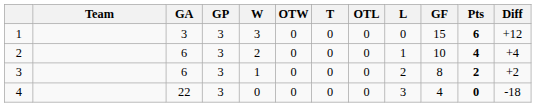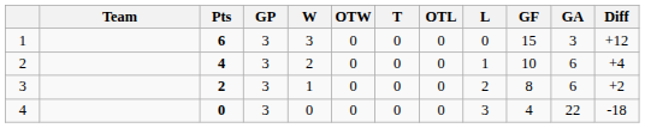 <table class="wikitable" style="text-align:center;">
 <tr>
 <th width=30></th>
 <th width=165>Team</th>
-<th width=40>GA</th>
+<th width=40>Pts</th>
 <th width=40>GP</th>
 <th width=40>W</th>
 <th width=40>OTW</th>
 <th width=40>T</th>
 <th width=40>OTL</th>
 <th width=40>L</th>
 <th width=40>GF</th>
-<th width=40>Pts</th>
+<th width=40>GA</th>
 <th width=40>Diff</th>
 </tr>
 <tr>
 <td>1</td>
 <td style="text-align:left;"></td>
-<td>3</td>
+<td><strong>6</strong></td>
 <td>3</td>
 <td>3</td>
 <td>0</td>
 <td>0</td>
 <td>0</td>
 <td>0</td>
 <td>15</td>
-<td><strong>6</strong></td>
+<td>3</td>
 <td>+12</td>
 </tr>
 <tr>
 <td>2</td>
 <td style="text-align:left;"></td>
-<td>6</td>
+<td><strong>4</strong></td>
 <td>3</td>
 <td>2</td>
 <td>0</td>
 <td>0</td>
 <td>0</td>
 <td>1</td>
 <td>10</td>
-<td><strong>4</strong></td>
+<td>6</td>
 <td>+4</td>
 </tr>
 <tr>
 <td>3</td>
 <td style="text-align:left;"></td>
-<td>6</td>
+<td><strong>2</strong></td>
 <td>3</td>
 <td>1</td>
 <td>0</td>
 <td>0</td>
 <td>0</td>
 <td>2</td>
 <td>8</td>
-<td><strong>2</strong></td>
+<td>6</td>
 <td>+2</td>
 </tr>
 <tr>
 <td>4</td>
 <td style="text-align:left;"></td>
-<td>22</td>
+<td><strong>0</strong></td>
 <td>3</td>
 <td>0</td>
 <td>0</td>
 <td>0</td>
 <td>0</td>
 <td>3</td>
 <td>4</td>
-<td><strong>0</strong></td>
+<td>22</td>
 <td>-18</td>
 </tr>
 </table>
